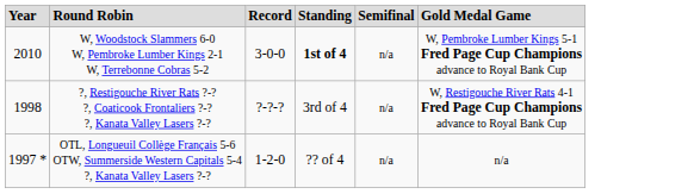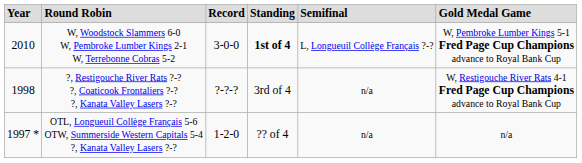 <table class="wikitable">
 <tr style="font-weight:bold; background-color:#dddddd;" |>
 <td>Year</td>
 <td>Round Robin</td>
 <td>Record</td>
 <td>Standing</td>
 <td>Semifinal</td>
 <td>Gold Medal Game</td>
 </tr>
 <tr align=center>
 <td>2010</td>
 <td><small>W, <a href='#'>Woodstock Slammers</a> 6-0<br>W, <a href='#'>Pembroke Lumber Kings</a> 2-1<br>W, <a href='#'>Terrebonne Cobras</a> 5-2</small></td>
 <td>3-0-0</td>
 <td><strong>1st of 4</strong></td>
-<td><small>n/a</small></td>
+<td><small>L, <a href='#'>Longueuil Collège Français</a> ?-?</small></td>
 <td><small>W, <a href='#'>Pembroke Lumber Kings</a> 5-1</small><br><strong>Fred Page Cup Champions</strong><br>  <small>advance to Royal Bank Cup</small></td>
 </tr>
 <tr align=center>
 <td>1998</td>
 <td><small>?, <a href='#'>Restigouche River Rats</a> ?-?<br>?, <a href='#'>Coaticook Frontaliers</a> ?-?<br>?, <a href='#'>Kanata Valley Lasers</a> ?-?</small></td>
 <td>?-?-?</td>
 <td>3rd of 4</td>
 <td><small>n/a</small></td>
 <td><small>W, <a href='#'>Restigouche River Rats</a> 4-1</small><br><strong>Fred Page Cup Champions</strong><br>  <small>advance to Royal Bank Cup</small></td>
 </tr>
 <tr align=center>
 <td>1997 *</td>
 <td><small>OTL, <a href='#'>Longueuil Collège Français</a> 5-6<br>OTW, <a href='#'>Summerside Western Capitals</a> 5-4<br>?, <a href='#'>Kanata Valley Lasers</a> ?-?</small></td>
 <td>1-2-0</td>
 <td>?? of 4</td>
 <td><small>n/a</small></td>
 <td><small>n/a</small></td>
 </tr>
 </table>
